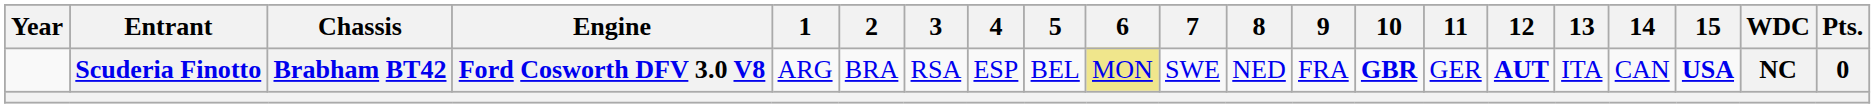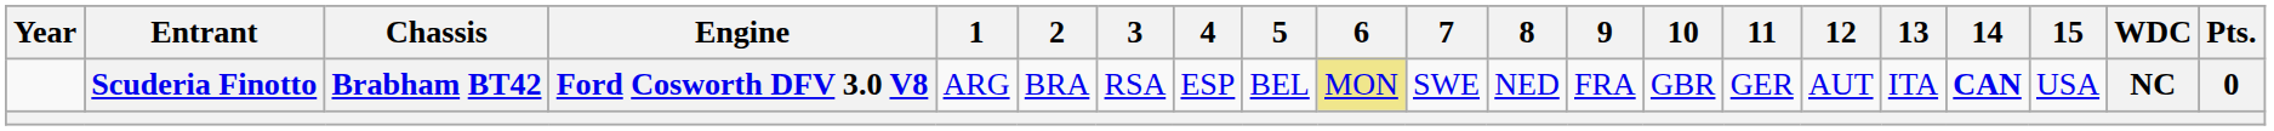 <table class="wikitable" style="text-align:center; font-size:90%">
 <tr>
 <th>Year</th>
 <th>Entrant</th>
 <th>Chassis</th>
 <th>Engine</th>
 <th>1</th>
 <th>2</th>
 <th>3</th>
 <th>4</th>
 <th>5</th>
 <th>6</th>
 <th>7</th>
 <th>8</th>
 <th>9</th>
 <th>10</th>
 <th>11</th>
 <th>12</th>
 <th>13</th>
 <th>14</th>
 <th>15</th>
 <th>WDC</th>
 <th>Pts.</th>
 </tr>
 <tr>
 <td></td>
 <th><a href='#'>Scuderia Finotto</a></th>
 <th><a href='#'>Brabham</a> <a href='#'>BT42</a></th>
 <th><a href='#'>Ford</a> <a href='#'>Cosworth DFV</a> 3.0 <a href='#'>V8</a></th>
 <td><a href='#'>ARG</a></td>
 <td><a href='#'>BRA</a></td>
 <td><a href='#'>RSA</a></td>
 <td><a href='#'>ESP</a></td>
 <td><a href='#'>BEL</a></td>
 <td style="background: khaki;"><a href='#'>MON</a></td>
 <td><a href='#'>SWE</a></td>
 <td><a href='#'>NED</a></td>
 <td><a href='#'>FRA</a></td>
-<td><strong><a href='#'>GBR</a></strong></td>
+<td><a href='#'>GBR</a></td>
 <td><a href='#'>GER</a></td>
-<td><strong><a href='#'>AUT</a></strong></td>
+<td><a href='#'>AUT</a></td>
 <td><a href='#'>ITA</a><br></td>
-<td><a href='#'>CAN</a></td>
-<td><strong><a href='#'>USA</a></strong></td>
+<td><strong><a href='#'>CAN</a></strong></td>
+<td><a href='#'>USA</a></td>
 <th>NC</th>
 <th>0</th>
 </tr>
 <tr>
 <th colspan="21"></th>
 </tr>
 </table>
